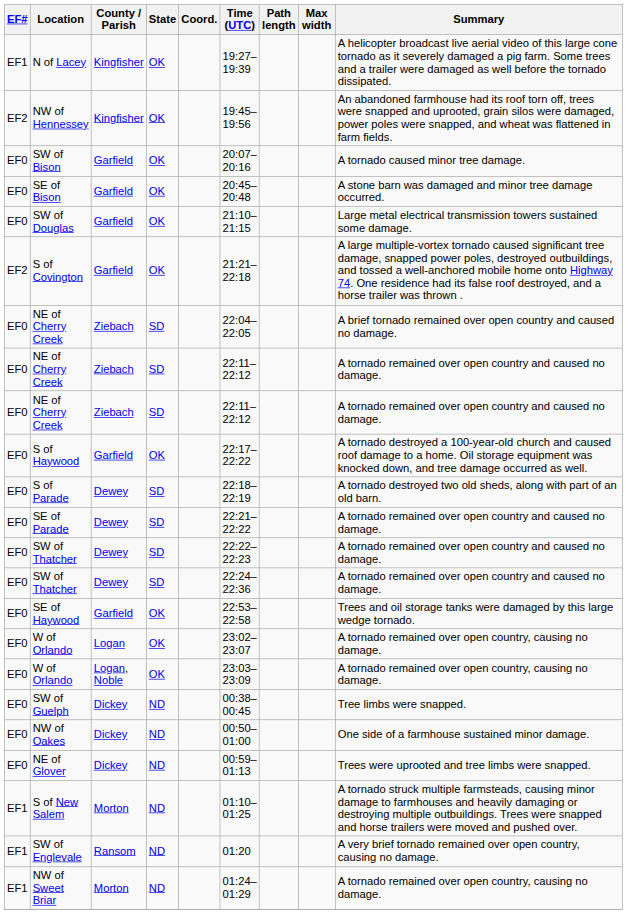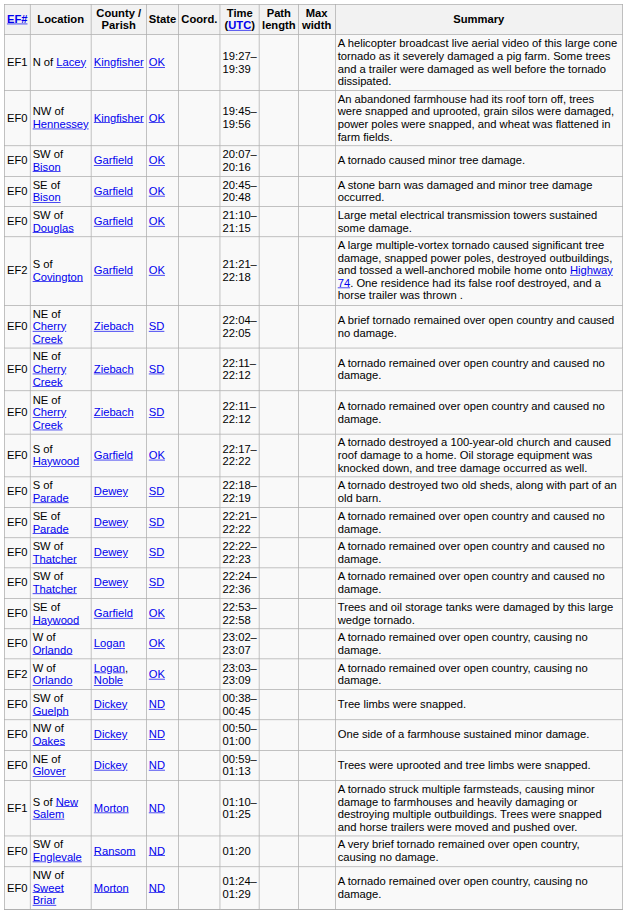 <table class="wikitable sortable" style="width:100%;">
 <tr>
 <th scope="col" width="3%" align="center"><a href='#'>EF#</a></th>
 <th scope="col" width="7%" align="center" class="unsortable">Location</th>
 <th scope="col" width="6%" align="center" class="unsortable">County / Parish</th>
 <th scope="col" width="5%" align="center">State</th>
 <th scope="col" width="6%" align="center">Coord.</th>
 <th scope="col" width="6%" align="center">Time (<a href='#'>UTC</a>)</th>
 <th scope="col" width="6%" align="center">Path length</th>
 <th scope="col" width="6%" align="center">Max width</th>
 <th scope="col" width="48%" class="unsortable" align="center">Summary</th>
 </tr>
 <tr>
 <td>EF1</td>
 <td>N of <a href='#'>Lacey</a></td>
 <td><a href='#'>Kingfisher</a></td>
 <td><a href='#'>OK</a></td>
 <td></td>
 <td>19:27–19:39</td>
 <td></td>
 <td></td>
 <td>A helicopter broadcast live aerial video of this large cone tornado as it severely damaged a pig farm. Some trees and a trailer were damaged as well before the tornado dissipated.</td>
 </tr>
 <tr>
-<td>EF2</td>
+<td>EF0</td>
 <td>NW of <a href='#'>Hennessey</a></td>
 <td><a href='#'>Kingfisher</a></td>
 <td><a href='#'>OK</a></td>
 <td></td>
 <td>19:45–19:56</td>
 <td></td>
 <td></td>
 <td>An abandoned farmhouse had its roof torn off, trees were snapped and uprooted, grain silos were damaged, power poles were snapped, and wheat was flattened in farm fields.</td>
 </tr>
 <tr>
 <td>EF0</td>
 <td>SW of <a href='#'>Bison</a></td>
 <td><a href='#'>Garfield</a></td>
 <td><a href='#'>OK</a></td>
 <td></td>
 <td>20:07–20:16</td>
 <td></td>
 <td></td>
 <td>A tornado caused minor tree damage.</td>
 </tr>
 <tr>
 <td>EF0</td>
 <td>SE of <a href='#'>Bison</a></td>
 <td><a href='#'>Garfield</a></td>
 <td><a href='#'>OK</a></td>
 <td></td>
 <td>20:45–20:48</td>
 <td></td>
 <td></td>
 <td>A stone barn was damaged and minor tree damage occurred.</td>
 </tr>
 <tr>
 <td>EF0</td>
 <td>SW of <a href='#'>Douglas</a></td>
 <td><a href='#'>Garfield</a></td>
 <td><a href='#'>OK</a></td>
 <td></td>
 <td>21:10–21:15</td>
 <td></td>
 <td></td>
 <td>Large metal electrical transmission towers sustained some damage.</td>
 </tr>
 <tr>
 <td>EF2</td>
 <td>S of <a href='#'>Covington</a></td>
 <td><a href='#'>Garfield</a></td>
 <td><a href='#'>OK</a></td>
 <td></td>
 <td>21:21–22:18</td>
 <td></td>
 <td></td>
 <td>A large multiple-vortex tornado caused significant tree damage, snapped power poles, destroyed outbuildings, and tossed a well-anchored mobile home onto <a href='#'>Highway 74</a>. One residence had its false roof destroyed, and a horse trailer was thrown .</td>
 </tr>
 <tr>
 <td>EF0</td>
 <td>NE of <a href='#'>Cherry Creek</a></td>
 <td><a href='#'>Ziebach</a></td>
 <td><a href='#'>SD</a></td>
 <td></td>
 <td>22:04–22:05</td>
 <td></td>
 <td></td>
 <td>A brief tornado remained over open country and caused no damage.</td>
 </tr>
 <tr>
 <td>EF0</td>
 <td>NE of <a href='#'>Cherry Creek</a></td>
 <td><a href='#'>Ziebach</a></td>
 <td><a href='#'>SD</a></td>
 <td></td>
 <td>22:11–22:12</td>
 <td></td>
 <td></td>
 <td>A tornado remained over open country and caused no damage.</td>
 </tr>
 <tr>
 <td>EF0</td>
 <td>NE of <a href='#'>Cherry Creek</a></td>
 <td><a href='#'>Ziebach</a></td>
 <td><a href='#'>SD</a></td>
 <td></td>
 <td>22:11–22:12</td>
 <td></td>
 <td></td>
 <td>A tornado remained over open country and caused no damage.</td>
 </tr>
 <tr>
 <td>EF0</td>
 <td>S of <a href='#'>Haywood</a></td>
 <td><a href='#'>Garfield</a></td>
 <td><a href='#'>OK</a></td>
 <td></td>
 <td>22:17–22:22</td>
 <td></td>
 <td></td>
 <td>A tornado destroyed a 100-year-old church and caused roof damage to a home. Oil storage equipment was knocked down, and tree damage occurred as well.</td>
 </tr>
 <tr>
 <td>EF0</td>
 <td>S of <a href='#'>Parade</a></td>
 <td><a href='#'>Dewey</a></td>
 <td><a href='#'>SD</a></td>
 <td></td>
 <td>22:18–22:19</td>
 <td></td>
 <td></td>
 <td>A tornado destroyed two old sheds, along with part of an old barn.</td>
 </tr>
 <tr>
 <td>EF0</td>
 <td>SE of <a href='#'>Parade</a></td>
 <td><a href='#'>Dewey</a></td>
 <td><a href='#'>SD</a></td>
 <td></td>
 <td>22:21–22:22</td>
 <td></td>
 <td></td>
 <td>A tornado remained over open country and caused no damage.</td>
 </tr>
 <tr>
 <td>EF0</td>
 <td>SW of <a href='#'>Thatcher</a></td>
 <td><a href='#'>Dewey</a></td>
 <td><a href='#'>SD</a></td>
 <td></td>
 <td>22:22–22:23</td>
 <td></td>
 <td></td>
 <td>A tornado remained over open country and caused no damage.</td>
 </tr>
 <tr>
 <td>EF0</td>
 <td>SW of <a href='#'>Thatcher</a></td>
 <td><a href='#'>Dewey</a></td>
 <td><a href='#'>SD</a></td>
 <td></td>
 <td>22:24–22:36</td>
 <td></td>
 <td></td>
 <td>A tornado remained over open country and caused no damage.</td>
 </tr>
 <tr>
 <td>EF0</td>
 <td>SE of <a href='#'>Haywood</a></td>
 <td><a href='#'>Garfield</a></td>
 <td><a href='#'>OK</a></td>
 <td></td>
 <td>22:53–22:58</td>
 <td></td>
 <td></td>
 <td>Trees and oil storage tanks were damaged by this large wedge tornado.</td>
 </tr>
 <tr>
 <td>EF0</td>
 <td>W of <a href='#'>Orlando</a></td>
 <td><a href='#'>Logan</a></td>
 <td><a href='#'>OK</a></td>
 <td></td>
 <td>23:02–23:07</td>
 <td></td>
 <td></td>
 <td>A tornado remained over open country, causing no damage.</td>
 </tr>
 <tr>
-<td>EF0</td>
+<td>EF2</td>
 <td>W of <a href='#'>Orlando</a></td>
 <td><a href='#'>Logan</a>, <a href='#'>Noble</a></td>
 <td><a href='#'>OK</a></td>
 <td></td>
 <td>23:03–23:09</td>
 <td></td>
 <td></td>
 <td>A tornado remained over open country, causing no damage.</td>
 </tr>
 <tr>
 <td>EF0</td>
 <td>SW of <a href='#'>Guelph</a></td>
 <td><a href='#'>Dickey</a></td>
 <td><a href='#'>ND</a></td>
 <td></td>
 <td>00:38–00:45</td>
 <td></td>
 <td></td>
 <td>Tree limbs were snapped.</td>
 </tr>
 <tr>
 <td>EF0</td>
 <td>NW of <a href='#'>Oakes</a></td>
 <td><a href='#'>Dickey</a></td>
 <td><a href='#'>ND</a></td>
 <td></td>
 <td>00:50–01:00</td>
 <td></td>
 <td></td>
 <td>One side of a farmhouse sustained minor damage.</td>
 </tr>
 <tr>
 <td>EF0</td>
 <td>NE of <a href='#'>Glover</a></td>
 <td><a href='#'>Dickey</a></td>
 <td><a href='#'>ND</a></td>
 <td></td>
 <td>00:59–01:13</td>
 <td></td>
 <td></td>
 <td>Trees were uprooted and tree limbs were snapped.</td>
 </tr>
 <tr>
 <td>EF1</td>
 <td>S of <a href='#'>New Salem</a></td>
 <td><a href='#'>Morton</a></td>
 <td><a href='#'>ND</a></td>
 <td></td>
 <td>01:10–01:25</td>
 <td></td>
 <td></td>
 <td>A tornado struck multiple farmsteads, causing minor damage to farmhouses and heavily damaging or destroying multiple outbuildings. Trees were snapped and horse trailers were moved and pushed over.</td>
 </tr>
 <tr>
-<td>EF1</td>
+<td>EF0</td>
 <td>SW of <a href='#'>Englevale</a></td>
 <td><a href='#'>Ransom</a></td>
 <td><a href='#'>ND</a></td>
 <td></td>
 <td>01:20</td>
 <td></td>
 <td></td>
 <td>A very brief tornado remained over open country, causing no damage.</td>
 </tr>
 <tr>
-<td>EF1</td>
+<td>EF0</td>
 <td>NW of <a href='#'>Sweet Briar</a></td>
 <td><a href='#'>Morton</a></td>
 <td><a href='#'>ND</a></td>
 <td></td>
 <td>01:24–01:29</td>
 <td></td>
 <td></td>
 <td>A tornado remained over open country, causing no damage.</td>
 </tr>
 <tr>
 </tr>
 </table>
